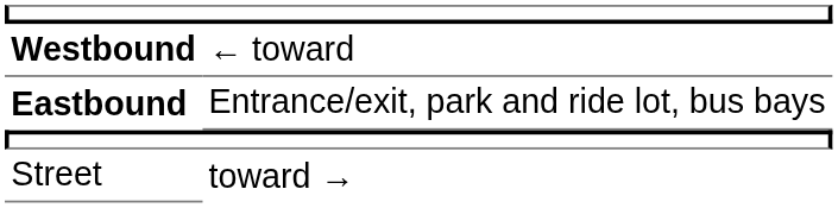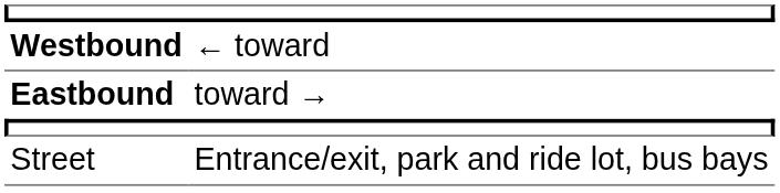 <table table border=0 cellspacing=0 cellpadding=3>
 <tr>
 <td style="border-top:solid 1px gray;border-right:solid 2px black;border-left:solid 2px black;border-bottom:solid 2px black;text-align:center" colspan=2></td>
 </tr>
 <tr>
 <td style="border-bottom:solid 1px gray"><strong>Westbound</strong></td>
 <td style="border-bottom:solid 1px gray">←  toward  </td>
 </tr>
 <tr>
 <td><strong>Eastbound</strong></td>
-<td style="border-bottom:solid 1px gray" valign=top>Entrance/exit, park and ride lot, bus bays</td>
+<td>  toward   →</td>
 </tr>
 <tr>
 <td style="border-right:solid 2px black;border-left:solid 2px black;border-top:solid 2px black;border-bottom:solid 1px gray;text-align:center" colspan=2></td>
 </tr>
 <tr>
 <td style="border-bottom:solid 1px gray" valign=top>Street</td>
-<td>  toward   →</td>
+<td style="border-bottom:solid 1px gray" valign=top>Entrance/exit, park and ride lot, bus bays</td>
 </tr>
 </table>
